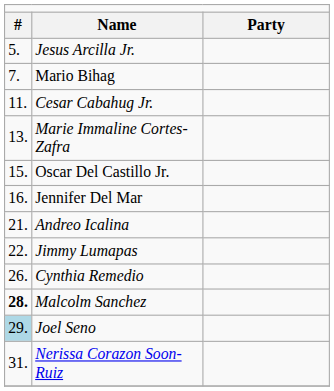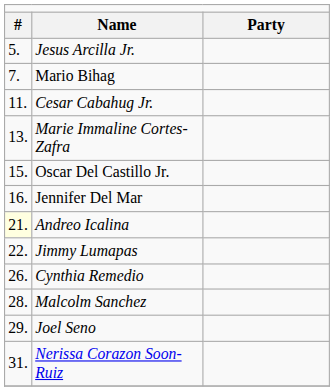 <table class=wikitable style="font-size:90%">
 <tr>
 <td colspan=4 bgcolor=></td>
 </tr>
 <tr>
 <th>#</th>
 <th width=150px>Name</th>
 <th colspan=2 width=110px>Party</th>
 </tr>
 <tr>
 <td>5.</td>
 <td><em>Jesus Arcilla Jr.</em></td>
 <td></td>
 </tr>
 <tr>
 <td>7.</td>
 <td>Mario Bihag</td>
 <td></td>
 </tr>
 <tr>
 <td>11.</td>
 <td><em>Cesar Cabahug Jr.</em></td>
 <td></td>
 </tr>
 <tr>
 <td>13.</td>
 <td><em>Marie Immaline Cortes-Zafra</em></td>
 <td></td>
 </tr>
 <tr>
 <td>15.</td>
 <td>Oscar Del Castillo Jr.</td>
 <td></td>
 </tr>
 <tr>
 <td>16.</td>
 <td>Jennifer Del Mar</td>
 <td></td>
 </tr>
 <tr>
-<td>21.</td>
+<td style="background: lightyellow;">21.</td>
 <td><em>Andreo Icalina</em></td>
 <td></td>
 </tr>
 <tr>
 <td>22.</td>
 <td><em>Jimmy Lumapas</em></td>
 <td></td>
 </tr>
 <tr>
 <td>26.</td>
 <td><em>Cynthia Remedio</em></td>
 <td></td>
 </tr>
 <tr>
-<td><strong>28.</strong></td>
+<td>28.</td>
 <td><em>Malcolm Sanchez</em></td>
 <td></td>
 </tr>
 <tr>
-<td style="background: lightblue;">29.</td>
+<td>29.</td>
 <td><em>Joel Seno</em></td>
 <td></td>
 </tr>
 <tr>
 <td>31.</td>
 <td><em><a href='#'>Nerissa Corazon Soon-Ruiz</a></em></td>
 <td></td>
 </tr>
 <tr>
 </tr>
 </table>
